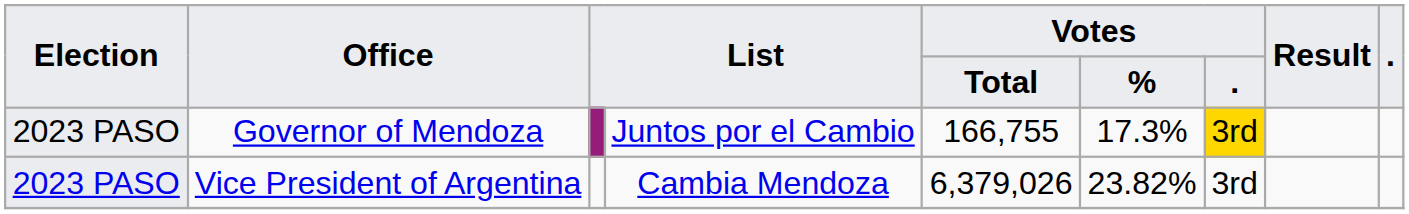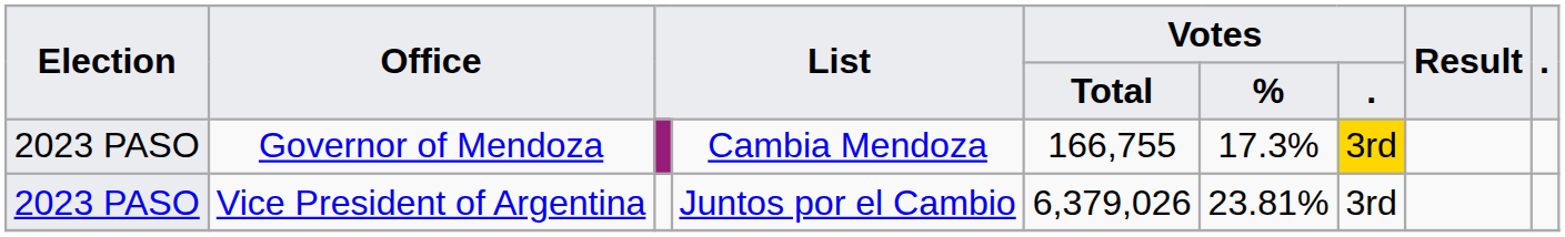 <table class="wikitable" style="font-size:90%; text-align:center;">
 <tr>
 <th style="background-color:#EAECF0;" rowspan=2>Election</th>
 <th style="background-color:#EAECF0;" rowspan=2>Office</th>
 <th style="background-color:#EAECF0;" colspan=2 rowspan=2>List</th>
 <th style="background-color:#EAECF0;" colspan=3>Votes</th>
 <th style="background-color:#EAECF0;" rowspan=2>Result</th>
 <th style="background-color:#EAECF0;" rowspan=2>.</th>
 </tr>
 <tr>
 <th style="background-color:#EAECF0;">Total</th>
 <th style="background-color:#EAECF0;">%</th>
 <th style="background-color:#EAECF0;">.</th>
 </tr>
 <tr>
 <td style="background-color:#EAECF0;">2023 PASO</td>
 <td><a href='#'>Governor of Mendoza</a></td>
 <td style="background-color:#961C79;"></td>
-<td><a href='#'>Juntos por el Cambio</a></td>
+<td><a href='#'>Cambia Mendoza</a></td>
 <td>166,755</td>
 <td>17.3%</td>
 <td style="background: gold;">3rd</td>
 <td></td>
 <td></td>
 </tr>
 <tr>
 <td style="background-color:#EAECF0;"><a href='#'>2023 PASO</a></td>
 <td><a href='#'>Vice President of Argentina</a></td>
 <td style="background-color:"></td>
-<td><a href='#'>Cambia Mendoza</a></td>
+<td><a href='#'>Juntos por el Cambio</a></td>
 <td>6,379,026</td>
-<td>23.82%</td>
+<td>23.81%</td>
 <td>3rd</td>
 <td></td>
 <td></td>
 </tr>
 <tr>
 </tr>
 </table>
